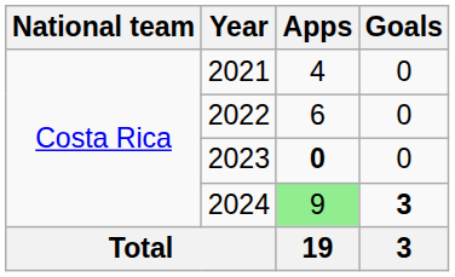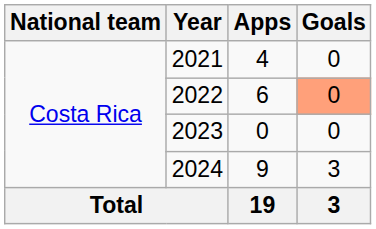 <table class="wikitable" style="text-align:center">
 <tr>
 <th>National team</th>
 <th>Year</th>
 <th>Apps</th>
 <th>Goals</th>
 </tr>
 <tr>
 <td rowspan="4"><a href='#'>Costa Rica</a></td>
 <td>2021</td>
 <td>4</td>
 <td>0</td>
 </tr>
 <tr>
 <td>2022</td>
 <td>6</td>
-<td>0</td>
+<td style="background: lightsalmon;">0</td>
 </tr>
 <tr>
 <td>2023</td>
-<td><strong>0</strong></td>
+<td>0</td>
 <td>0</td>
 </tr>
 <tr>
 <td>2024</td>
-<td style="background: lightgreen;">9</td>
-<td><strong>3</strong></td>
+<td>9</td>
+<td>3</td>
 </tr>
 <tr>
 <th colspan="2">Total</th>
 <th>19</th>
 <th>3</th>
 </tr>
 </table>
